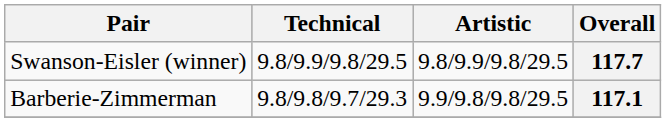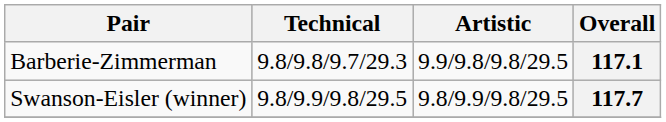 <table class="wikitable">
 <tr>
 <th>Pair</th>
 <th>Technical</th>
 <th>Artistic</th>
 <th>Overall</th>
 </tr>
 <tr>
+<td>Barberie-Zimmerman</td>
+<td>9.8/9.8/9.7/29.3</td>
+<td>9.9/9.8/9.8/29.5</td>
+<th>117.1</th>
+</tr>
+<tr>
 <td>Swanson-Eisler (winner)</td>
 <td>9.8/9.9/9.8/29.5</td>
 <td>9.8/9.9/9.8/29.5</td>
 <th>117.7</th>
 </tr>
 <tr>
-<td>Barberie-Zimmerman</td>
-<td>9.8/9.8/9.7/29.3</td>
-<td>9.9/9.8/9.8/29.5</td>
-<th>117.1</th>
-</tr>
-<tr>
 </tr>
 </table>
